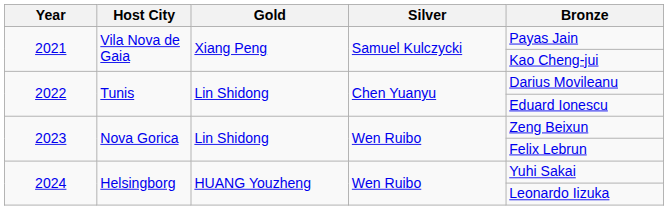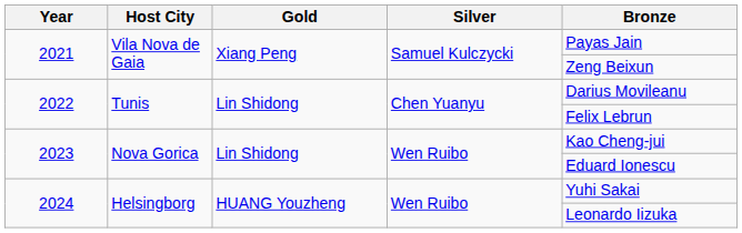 <table class="wikitable" style="text-align: left; width: 750px;">
 <tr>
 <th width="100">Year</th>
 <th width="100">Host City</th>
 <th width="175">Gold</th>
 <th width="175">Silver</th>
 <th width="175">Bronze</th>
 </tr>
 <tr>
 <td rowspan=2 style="text-align: center;"><a href='#'>2021</a></td>
 <td rowspan=2><a href='#'>Vila Nova de Gaia</a></td>
 <td rowspan=2> <a href='#'>Xiang Peng</a></td>
 <td rowspan=2> <a href='#'>Samuel Kulczycki</a></td>
 <td> <a href='#'>Payas Jain</a></td>
 </tr>
 <tr>
-<td> <a href='#'>Kao Cheng-jui</a></td>
+<td> <a href='#'>Zeng Beixun</a></td>
 </tr>
 <tr>
 <td rowspan=2 style="text-align: center;"><a href='#'>2022</a></td>
 <td rowspan=2><a href='#'>Tunis</a></td>
 <td rowspan=2> <a href='#'>Lin Shidong</a></td>
 <td rowspan=2> <a href='#'>Chen Yuanyu</a></td>
 <td> <a href='#'>Darius Movileanu</a></td>
 </tr>
 <tr>
-<td> <a href='#'>Eduard Ionescu</a></td>
+<td> <a href='#'>Felix Lebrun</a></td>
 </tr>
 <tr>
 <td rowspan=2 style="text-align: center;"><a href='#'>2023</a></td>
 <td rowspan=2><a href='#'>Nova Gorica</a></td>
 <td rowspan=2> <a href='#'>Lin Shidong</a></td>
 <td rowspan=2> <a href='#'>Wen Ruibo</a></td>
-<td> <a href='#'>Zeng Beixun</a></td>
+<td> <a href='#'>Kao Cheng-jui</a></td>
 </tr>
 <tr>
-<td> <a href='#'>Felix Lebrun</a></td>
+<td> <a href='#'>Eduard Ionescu</a></td>
 </tr>
 <tr>
 <td rowspan=2 style="text-align: center;"><a href='#'>2024</a></td>
 <td rowspan=2><a href='#'>Helsingborg</a></td>
 <td rowspan=2> <a href='#'>HUANG Youzheng</a></td>
 <td rowspan=2> <a href='#'>Wen Ruibo</a></td>
 <td> <a href='#'>Yuhi Sakai</a></td>
 </tr>
 <tr>
 <td> <a href='#'>Leonardo Iizuka</a></td>
 </tr>
 </table>
